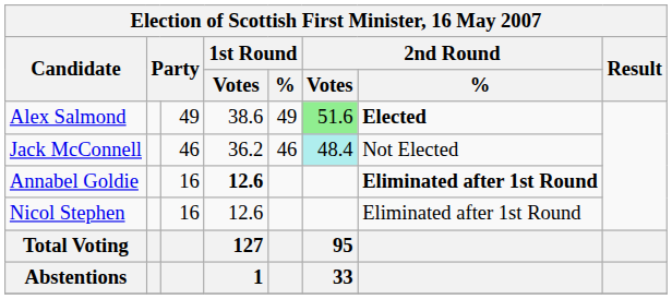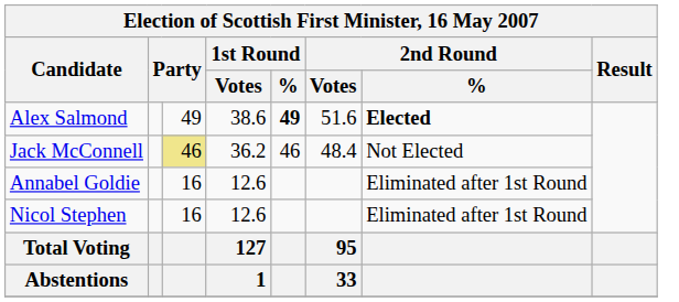 <table class="wikitable">
 <tr>
 <th colspan=8>Election of Scottish First Minister, 16 May 2007</th>
 </tr>
 <tr>
 <th rowspan=2>Candidate</th>
 <th colspan=2 rowspan=2>Party</th>
 <th colspan=2>1st Round</th>
 <th colspan=2>2nd Round</th>
 <th rowspan=2>Result</th>
 </tr>
 <tr>
 <th>Votes</th>
 <th>%</th>
 <th>Votes</th>
 <th>%</th>
 </tr>
 <tr>
 <td><a href='#'>Alex Salmond</a></td>
 <td></td>
 <td style="text-align:right">49</td>
 <td style="text-align:right">38.6</td>
-<td style="text-align:right">49</td>
-<td style="background: lightgreen; text-align:right">51.6</td>
+<td style="text-align:right"><strong>49</strong></td>
+<td style="text-align:right">51.6</td>
 <td><strong>Elected</strong></td>
 </tr>
 <tr>
 <td><a href='#'>Jack McConnell</a></td>
 <td></td>
-<td style="text-align:right">46</td>
+<td style="background: khaki; text-align:right">46</td>
 <td style="text-align:right">36.2</td>
 <td style="text-align:right">46</td>
-<td style="background: paleturquoise; text-align:right">48.4</td>
+<td style="text-align:right">48.4</td>
 <td>Not Elected</td>
 </tr>
 <tr>
 <td><a href='#'>Annabel Goldie</a></td>
 <td></td>
 <td style="text-align:right">16</td>
-<td style="text-align:right"><strong>12.6</strong></td>
+<td style="text-align:right">12.6</td>
 <td style="text-align:right"></td>
 <td style="text-align:right"></td>
-<td><strong>Eliminated after 1st Round</strong></td>
+<td>Eliminated after 1st Round</td>
 </tr>
 <tr>
 <td><a href='#'>Nicol Stephen</a></td>
 <td></td>
 <td style="text-align:right">16</td>
 <td style="text-align:right">12.6</td>
 <td style="text-align:right"></td>
 <td style="text-align:right"></td>
 <td>Eliminated after 1st Round</td>
 </tr>
 <tr>
 <th>Total Voting</th>
 <th></th>
 <th></th>
 <th style="text-align:right">127</th>
 <th></th>
 <th style="text-align:right">95</th>
 <th></th>
 <th></th>
 </tr>
 <tr>
 <th>Abstentions</th>
 <th></th>
 <th></th>
 <th style="text-align:right">1</th>
 <th></th>
 <th style="text-align:right">33</th>
 <th></th>
 <th></th>
 </tr>
 <tr>
 </tr>
 </table>
